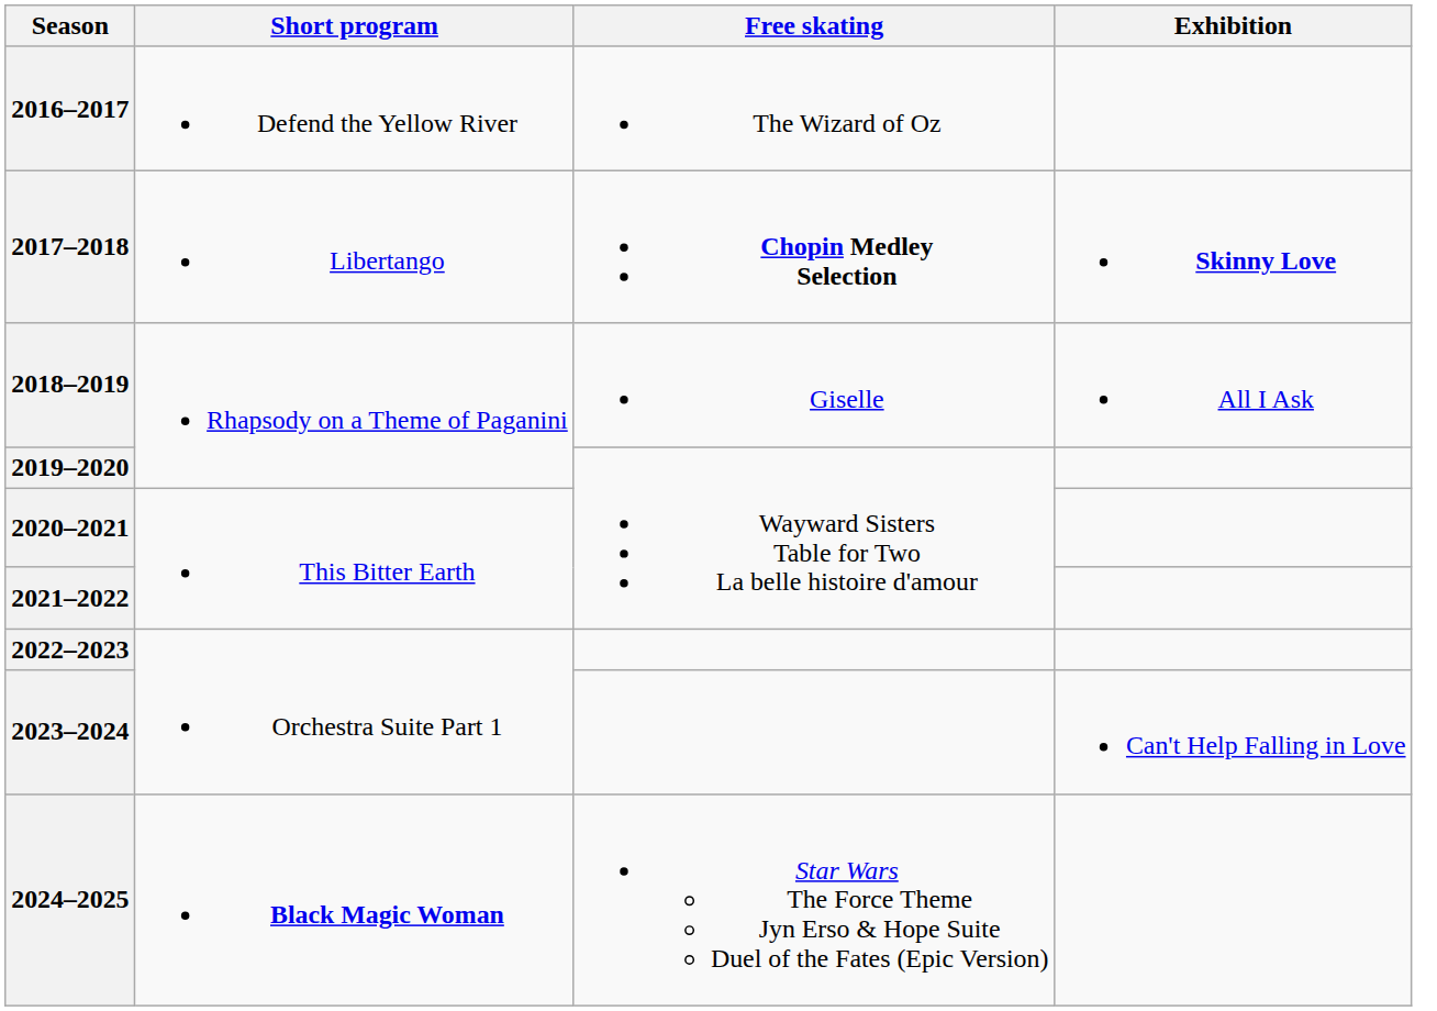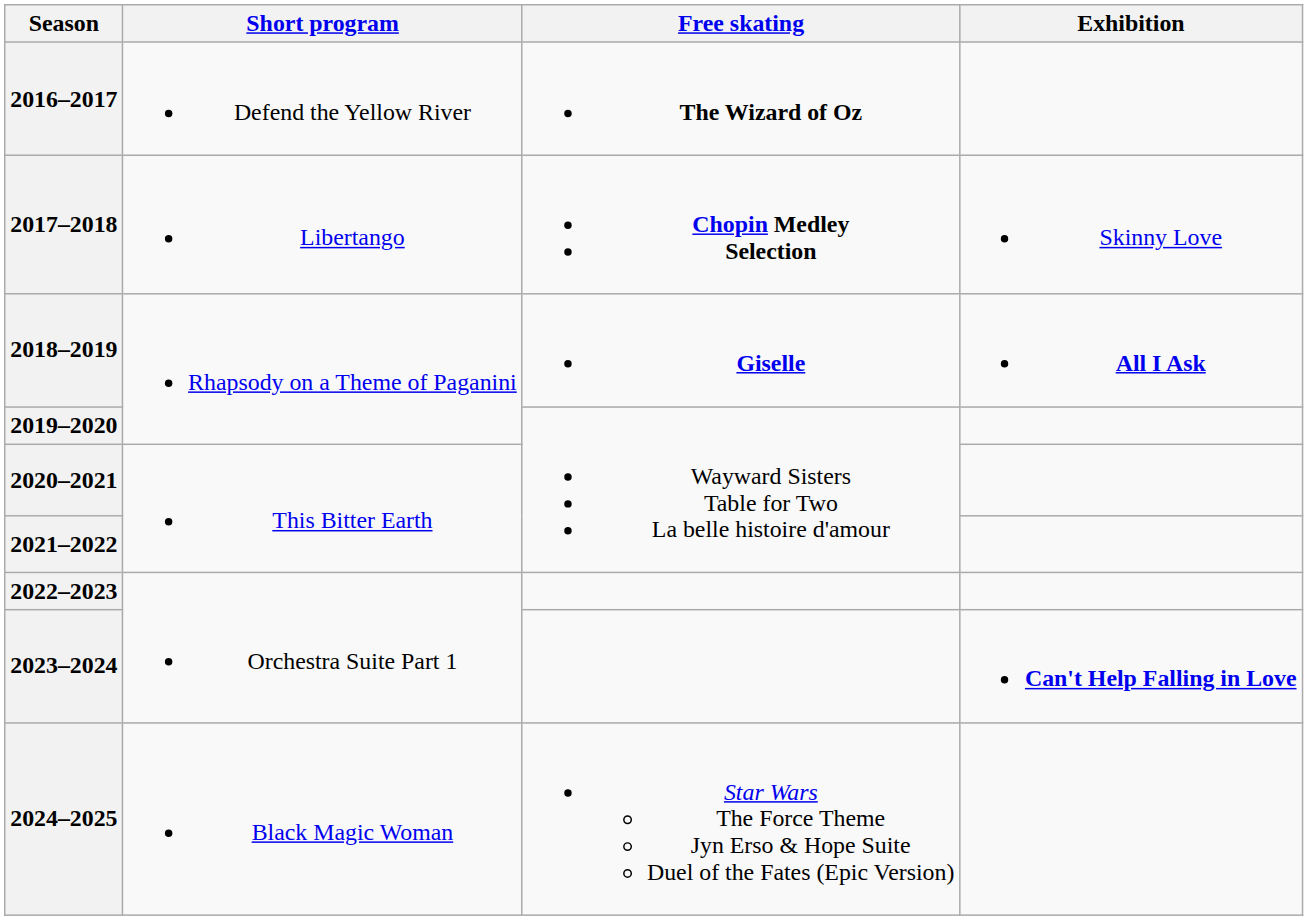 <table class=wikitable style=text-align:center>
 <tr>
 <th>Season</th>
 <th><a href='#'>Short program</a></th>
 <th><a href='#'>Free skating</a></th>
 <th>Exhibition</th>
 </tr>
 <tr>
 <th>2016–2017 <br> </th>
 <td><br><ul><li>Defend the Yellow River <br></li></ul></td>
-<td><br><ul><li>The Wizard of Oz <br></li></ul></td>
+<td><strong><br><ul><li>The Wizard of Oz <br></li></ul></strong></td>
 <td></td>
 </tr>
 <tr>
 <th>2017–2018 <br> </th>
 <td><br><ul><li><a href='#'>Libertango</a> <br></li></ul></td>
 <td><strong><br><ul><li><a href='#'>Chopin</a> Medley</li><li>Selection <br></li></ul></strong></td>
-<td><strong><br><ul><li><a href='#'>Skinny Love</a> <br></li></ul></strong></td>
+<td><br><ul><li><a href='#'>Skinny Love</a> <br></li></ul></td>
 </tr>
 <tr>
 <th>2018–2019 <br> </th>
 <td rowspan=2><br><ul><li><a href='#'>Rhapsody on a Theme of Paganini</a> <br></li></ul></td>
-<td><br><ul><li><a href='#'>Giselle</a> <br></li></ul></td>
-<td><br><ul><li><a href='#'>All I Ask</a> <br></li></ul></td>
+<td><strong><br><ul><li><a href='#'>Giselle</a> <br></li></ul></strong></td>
+<td><strong><br><ul><li><a href='#'>All I Ask</a> <br></li></ul></strong></td>
 </tr>
 <tr>
 <th>2019–2020<br></th>
 <td rowspan=3><br><ul><li>Wayward Sisters</li><li>Table for Two <br> </li><li>La belle histoire d'amour <br></li></ul></td>
 <td></td>
 </tr>
 <tr>
 <th>2020–2021</th>
 <td rowspan=2><br><ul><li><a href='#'>This Bitter Earth</a> <br></li></ul></td>
 <td></td>
 </tr>
 <tr>
 <th>2021–2022<br></th>
 <td></td>
 </tr>
 <tr>
 <th>2022–2023</th>
 <td rowspan=2><br><ul><li>Orchestra Suite Part 1 <br></li></ul></td>
 <td></td>
 <td></td>
 </tr>
 <tr>
 <th>2023–2024 <br> </th>
 <td></td>
-<td><br><ul><li><a href='#'>Can't Help Falling in Love</a> <br> </li></ul></td>
+<td><strong><br><ul><li><a href='#'>Can't Help Falling in Love</a> <br> </li></ul></strong></td>
 </tr>
 <tr>
 <th>2024–2025 <br> </th>
-<td><strong><br><ul><li><a href='#'>Black Magic Woman</a> <br> </li></ul></strong></td>
+<td><br><ul><li><a href='#'>Black Magic Woman</a> <br> </li></ul></td>
 <td><br><ul><li><em><a href='#'>Star Wars</a></em><ul><li>The Force Theme <br> </li><li>Jyn Erso & Hope Suite <br> </li><li>Duel of the Fates (Epic Version) <br> </li></ul></li></ul></td>
 <td></td>
 </tr>
 </table>
